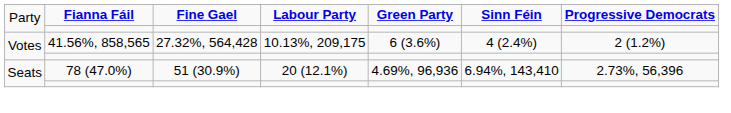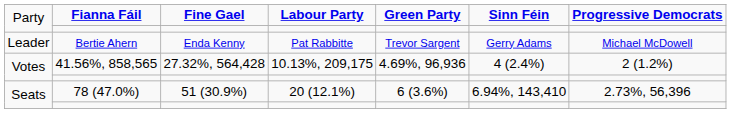 <table class="wikitable" style="padding-left:1em; text-align:center;">
 <tr>
 <td rowspan=2>Party</td>
 <td><strong><a href='#'>Fianna Fáil</a></strong></td>
 <td><strong><a href='#'>Fine Gael</a></strong></td>
 <td><strong><a href='#'>Labour Party</a></strong></td>
 <td><strong><a href='#'>Green Party</a></strong></td>
 <td><strong><a href='#'>Sinn Féin</a></strong></td>
 <td><strong><a href='#'>Progressive Democrats</a></strong></td>
 </tr>
 <tr>
 <td style="background:"></td>
 <td style="background:"></td>
 <td style="background:"></td>
 <td style="background:"></td>
 <td style="background:"></td>
 <td style="background:"></td>
 </tr>
 <tr>
+<td>Leader</td>
+<td><small><a href='#'>Bertie Ahern</a></small></td>
+<td><small><a href='#'>Enda Kenny</a></small></td>
+<td><small><a href='#'>Pat Rabbitte</a></small></td>
+<td><small><a href='#'>Trevor Sargent</a></small></td>
+<td><small><a href='#'>Gerry Adams</a></small></td>
+<td><small><a href='#'>Michael McDowell</a></small></td>
+</tr>
+<tr>
 <td rowspan=2>Votes</td>
 <td>41.56%, 858,565</td>
 <td>27.32%, 564,428</td>
 <td>10.13%, 209,175</td>
-<td>6 (3.6%)</td>
+<td>4.69%, 96,936</td>
 <td>4 (2.4%)</td>
 <td>2 (1.2%)</td>
 </tr>
 <tr>
 <td></td>
 <td></td>
 <td></td>
 <td></td>
 <td></td>
 <td></td>
 </tr>
 <tr>
 <td rowspan=2>Seats</td>
 <td>78 (47.0%)</td>
 <td>51 (30.9%)</td>
 <td>20 (12.1%)</td>
-<td>4.69%, 96,936</td>
+<td>6 (3.6%)</td>
 <td>6.94%, 143,410</td>
 <td>2.73%, 56,396</td>
 </tr>
 <tr>
 <td></td>
 <td></td>
 <td></td>
 <td></td>
 <td></td>
 <td></td>
 </tr>
 </table>
